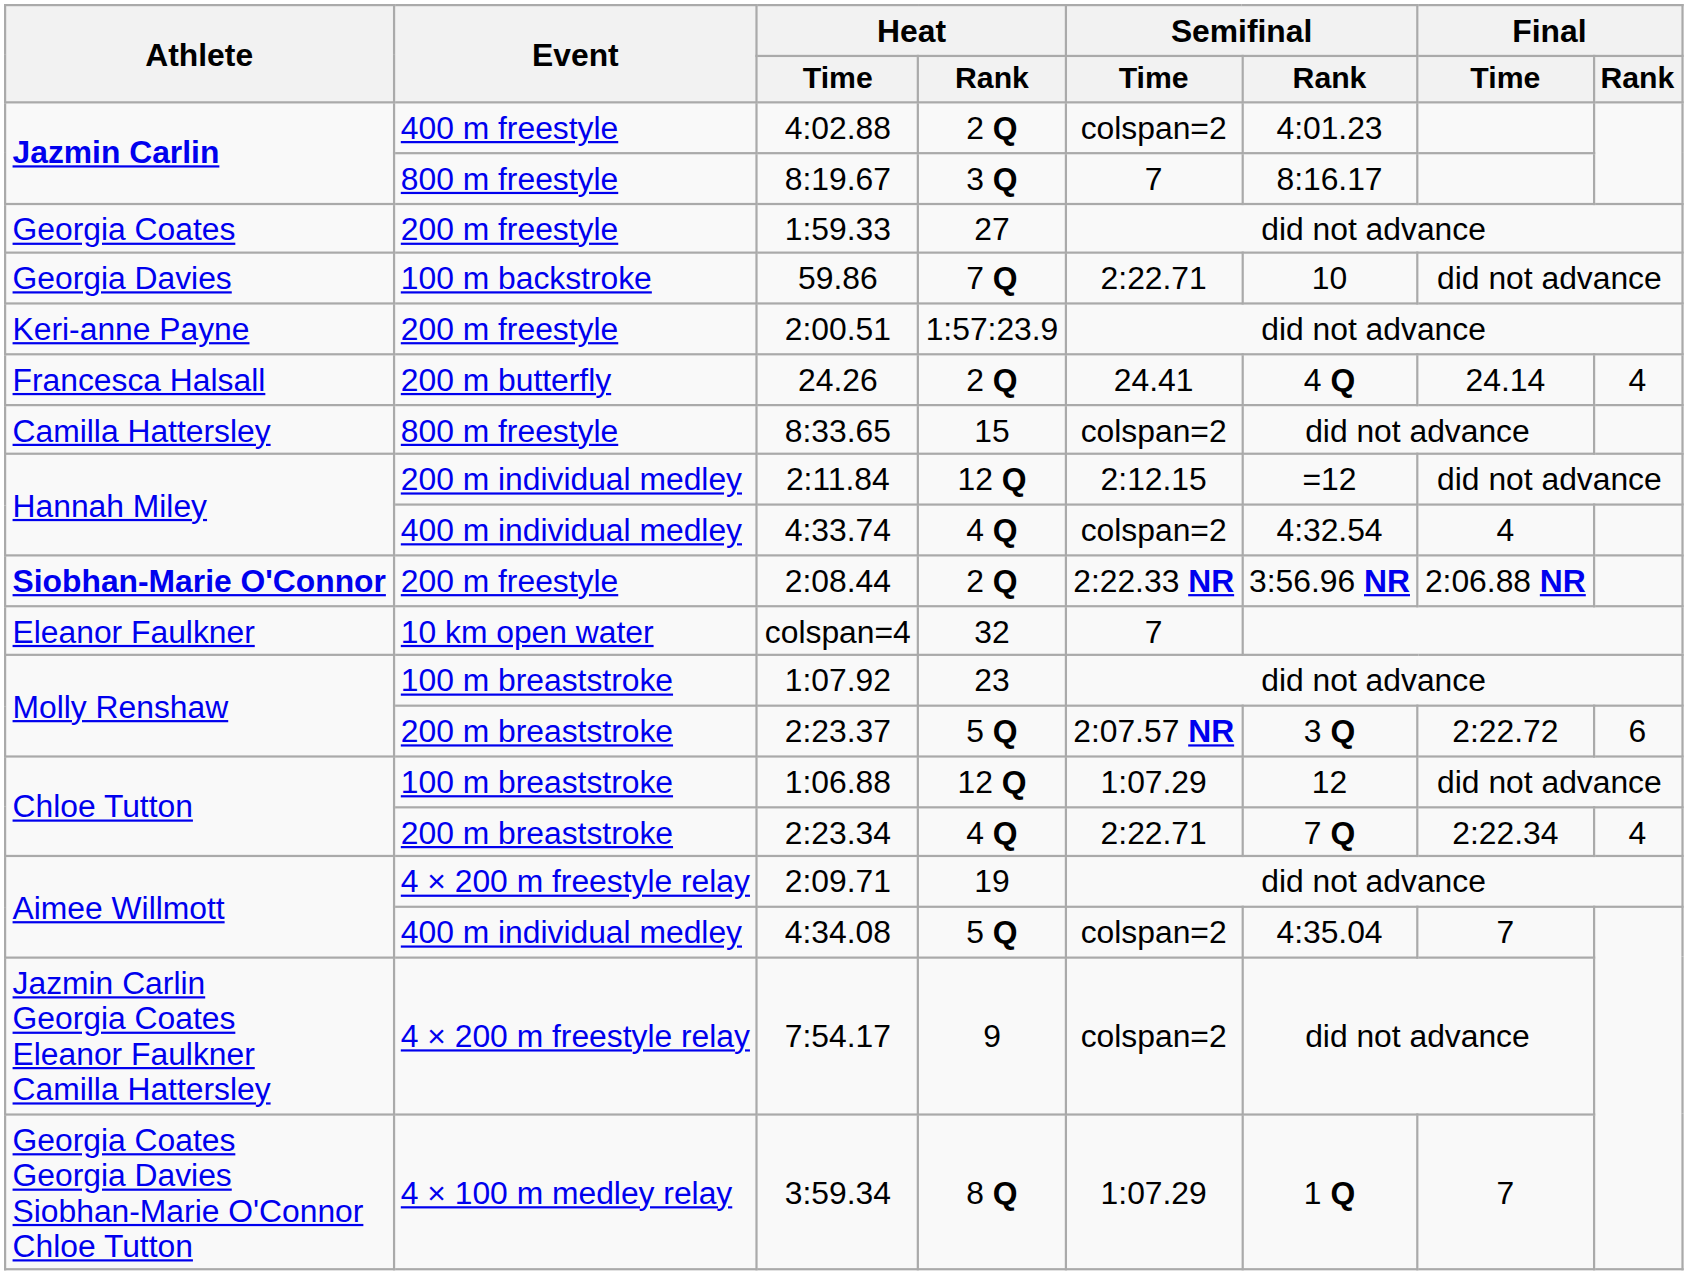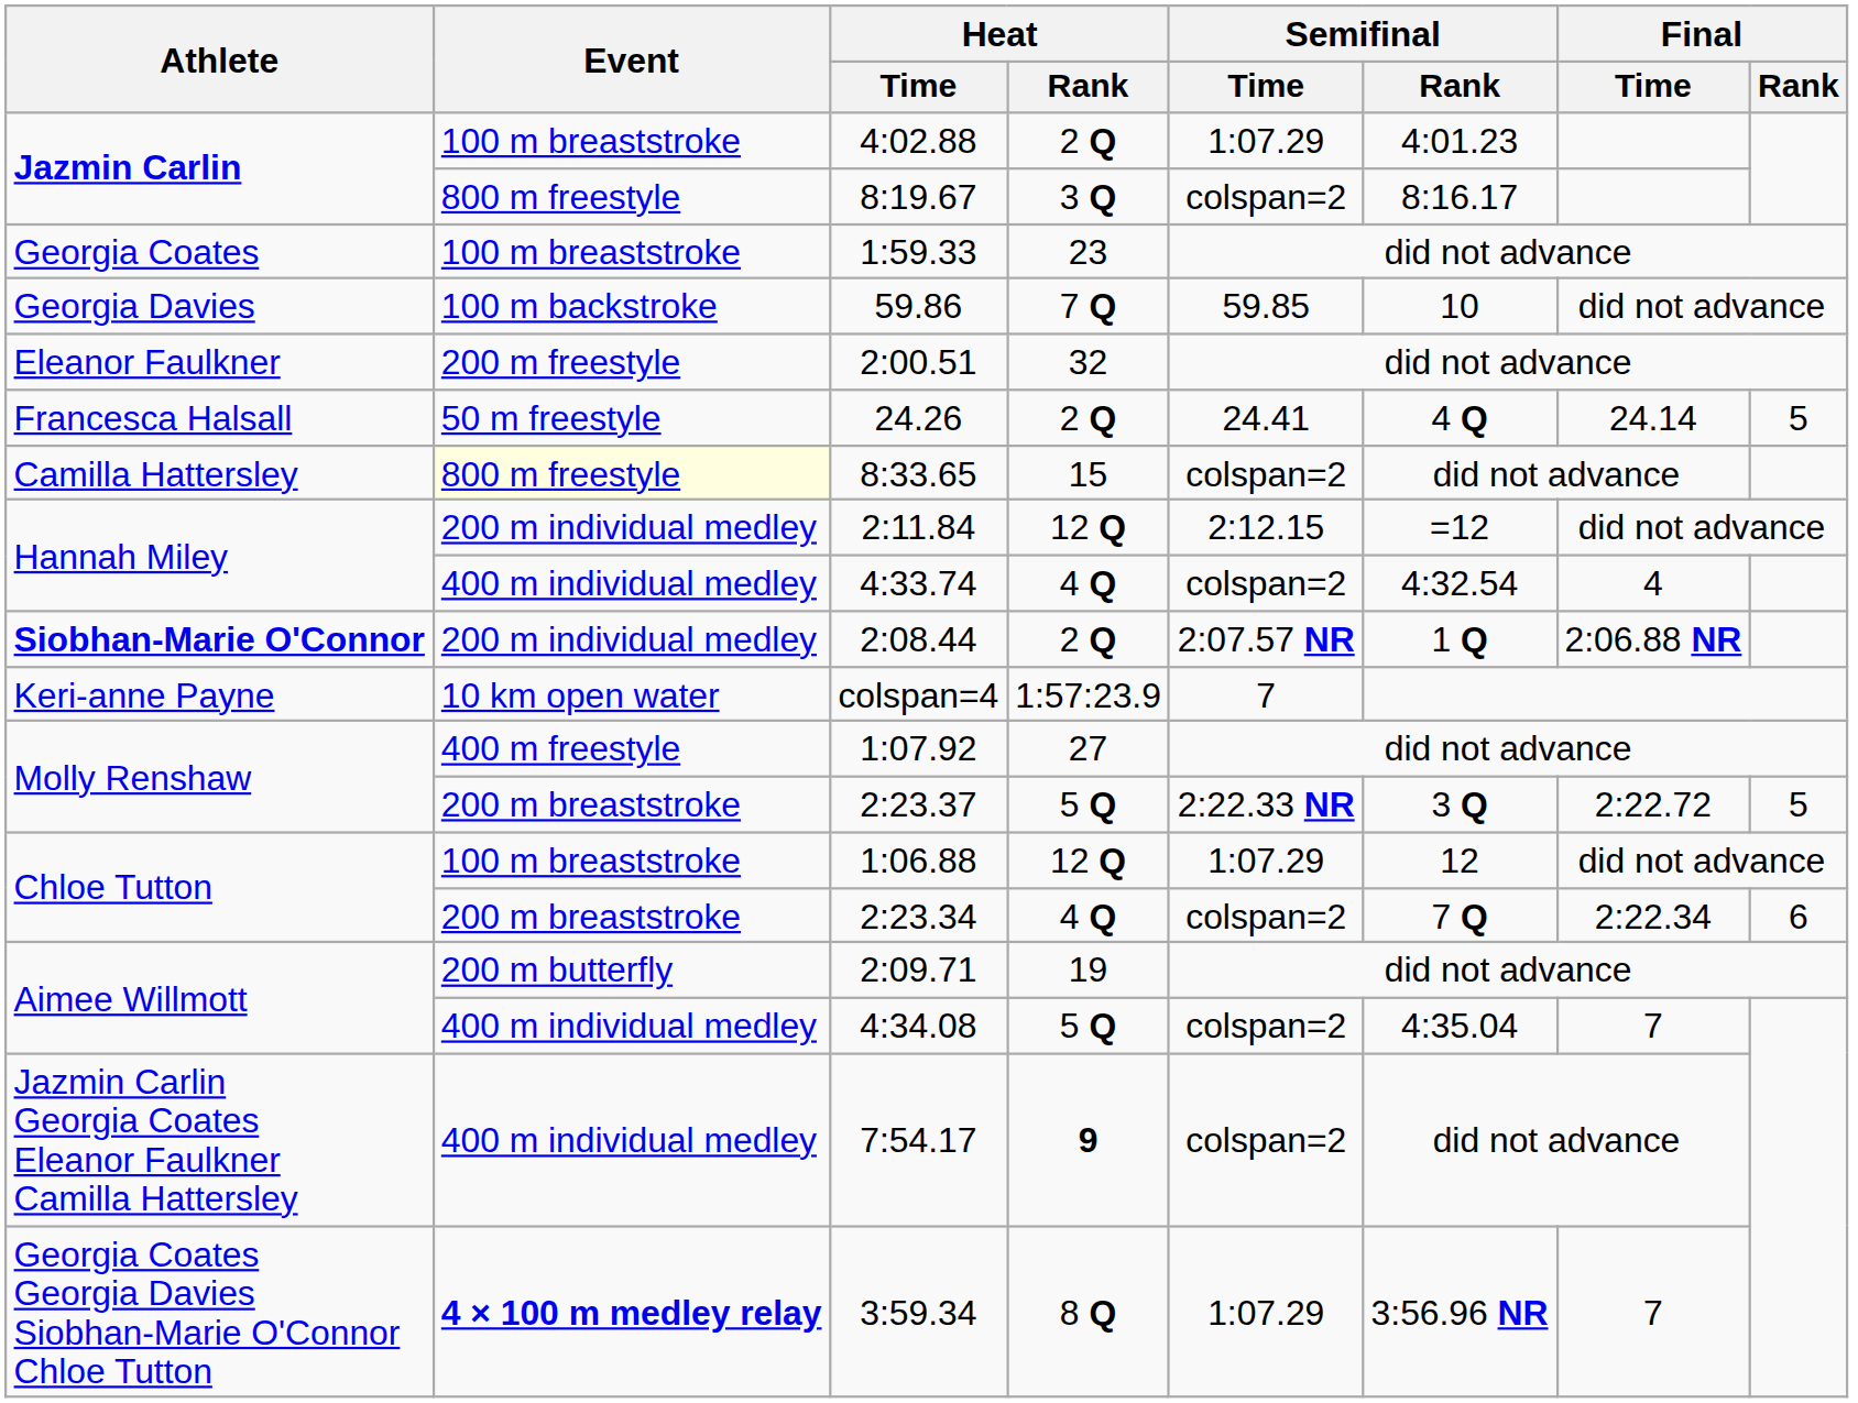 <table class=wikitable style="font-size:90%">
 <tr>
 <th rowspan="2">Athlete</th>
 <th rowspan="2">Event</th>
 <th colspan="2">Heat</th>
 <th colspan="2">Semifinal</th>
 <th colspan="2">Final</th>
 </tr>
 <tr style="font-size:95%">
 <th>Time</th>
 <th>Rank</th>
 <th>Time</th>
 <th>Rank</th>
 <th>Time</th>
 <th>Rank</th>
 </tr>
 <tr align=center>
 <td align=left rowspan=2><strong><a href='#'>Jazmin Carlin</a></strong></td>
-<td align=left><a href='#'>400 m freestyle</a></td>
+<td align=left><a href='#'>100 m breaststroke</a></td>
 <td>4:02.88</td>
 <td>2 <strong>Q</strong></td>
-<td>colspan=2 </td>
+<td>1:07.29</td>
 <td>4:01.23</td>
 <td></td>
 </tr>
 <tr align=center>
 <td align=left><a href='#'>800 m freestyle</a></td>
 <td>8:19.67</td>
 <td>3 <strong>Q</strong></td>
-<td>7</td>
+<td>colspan=2 </td>
 <td>8:16.17</td>
 <td></td>
 </tr>
 <tr align=center>
 <td align=left><a href='#'>Georgia Coates</a></td>
-<td align=left><a href='#'>200 m freestyle</a></td>
+<td align=left><a href='#'>100 m breaststroke</a></td>
 <td>1:59.33</td>
-<td>27</td>
+<td>23</td>
 <td colspan=6>did not advance</td>
 </tr>
 <tr align=center>
 <td align=left><a href='#'>Georgia Davies</a></td>
 <td align=left><a href='#'>100 m backstroke</a></td>
 <td>59.86</td>
 <td>7 <strong>Q</strong></td>
-<td>2:22.71</td>
+<td>59.85</td>
 <td>10</td>
 <td colspan=2>did not advance</td>
 </tr>
 <tr align=center>
-<td align=left><a href='#'>Keri-anne Payne</a></td>
+<td align=left><a href='#'>Eleanor Faulkner</a></td>
 <td align=left><a href='#'>200 m freestyle</a></td>
 <td>2:00.51</td>
-<td>1:57:23.9</td>
+<td>32</td>
 <td colspan=6>did not advance</td>
 </tr>
 <tr align=center>
 <td align=left><a href='#'>Francesca Halsall</a></td>
-<td align=left><a href='#'>200 m butterfly</a></td>
+<td align=left><a href='#'>50 m freestyle</a></td>
 <td>24.26</td>
 <td>2 <strong>Q</strong></td>
 <td>24.41</td>
 <td>4 <strong>Q</strong></td>
 <td>24.14</td>
-<td>4</td>
+<td>5</td>
 </tr>
 <tr align=center>
 <td align=left><a href='#'>Camilla Hattersley</a></td>
-<td align=left><a href='#'>800 m freestyle</a></td>
+<td align=left style="background: lightyellow;"><a href='#'>800 m freestyle</a></td>
 <td>8:33.65</td>
 <td>15</td>
 <td>colspan=2 </td>
 <td colspan=2>did not advance</td>
 </tr>
 <tr align=center>
 <td align=left rowspan="2"><a href='#'>Hannah Miley</a></td>
 <td align=left><a href='#'>200 m individual medley</a></td>
 <td>2:11.84</td>
 <td>12 <strong>Q</strong></td>
 <td>2:12.15</td>
 <td>=12</td>
 <td colspan=2>did not advance</td>
 </tr>
 <tr align=center>
 <td align=left><a href='#'>400 m individual medley</a></td>
 <td>4:33.74</td>
 <td>4 <strong>Q</strong></td>
 <td>colspan=2 </td>
 <td>4:32.54</td>
 <td>4</td>
 </tr>
 <tr align=center>
 <td align=left><strong><a href='#'>Siobhan-Marie O'Connor</a></strong></td>
-<td align=left><a href='#'>200 m freestyle</a></td>
+<td align=left><a href='#'>200 m individual medley</a></td>
 <td>2:08.44</td>
 <td>2 <strong>Q</strong></td>
-<td>2:22.33 <strong><a href='#'>NR</a></strong></td>
-<td>3:56.96 <strong><a href='#'>NR</a></strong></td>
+<td>2:07.57 <strong><a href='#'>NR</a></strong></td>
+<td>1 <strong>Q</strong></td>
 <td>2:06.88 <strong><a href='#'>NR</a></strong></td>
 <td></td>
 </tr>
 <tr align=center>
-<td align=left><a href='#'>Eleanor Faulkner</a></td>
+<td align=left><a href='#'>Keri-anne Payne</a></td>
 <td align=left><a href='#'>10 km open water</a></td>
 <td>colspan=4 </td>
-<td>32</td>
+<td>1:57:23.9</td>
 <td>7</td>
 </tr>
 <tr align=center>
 <td align=left rowspan="2"><a href='#'>Molly Renshaw</a></td>
-<td align=left><a href='#'>100 m breaststroke</a></td>
+<td align=left><a href='#'>400 m freestyle</a></td>
 <td>1:07.92</td>
-<td>23</td>
+<td>27</td>
 <td colspan=4>did not advance</td>
 </tr>
 <tr align=center>
 <td align=left><a href='#'>200 m breaststroke</a></td>
 <td>2:23.37</td>
 <td>5 <strong>Q</strong></td>
-<td>2:07.57 <strong><a href='#'>NR</a></strong></td>
+<td>2:22.33 <strong><a href='#'>NR</a></strong></td>
 <td>3 <strong>Q</strong></td>
 <td>2:22.72</td>
-<td>6</td>
+<td>5</td>
 </tr>
 <tr align=center>
 <td align=left rowspan=2><a href='#'>Chloe Tutton</a></td>
 <td align=left><a href='#'>100 m breaststroke</a></td>
 <td>1:06.88</td>
 <td>12 <strong>Q</strong></td>
 <td>1:07.29</td>
 <td>12</td>
 <td colspan=2>did not advance</td>
 </tr>
 <tr align=center>
 <td align=left><a href='#'>200 m breaststroke</a></td>
 <td>2:23.34</td>
 <td>4 <strong>Q</strong></td>
-<td>2:22.71</td>
+<td>colspan=2 </td>
 <td>7 <strong>Q</strong></td>
 <td>2:22.34</td>
-<td>4</td>
+<td>6</td>
 </tr>
 <tr align=center>
 <td align=left rowspan=2><a href='#'>Aimee Willmott</a></td>
-<td align=left><a href='#'>4 × 200 m freestyle relay</a></td>
+<td align=left><a href='#'>200 m butterfly</a></td>
 <td>2:09.71</td>
 <td>19</td>
 <td colspan=4>did not advance</td>
 </tr>
 <tr align=center>
 <td align=left><a href='#'>400 m individual medley</a></td>
 <td>4:34.08</td>
 <td>5 <strong>Q</strong></td>
 <td>colspan=2 </td>
 <td>4:35.04</td>
 <td>7</td>
 </tr>
 <tr align=center>
 <td align=left><a href='#'>Jazmin Carlin</a><br><a href='#'>Georgia Coates</a><br><a href='#'>Eleanor Faulkner</a><br><a href='#'>Camilla Hattersley</a></td>
-<td align=left><a href='#'>4 × 200 m freestyle relay</a></td>
+<td align=left><a href='#'>400 m individual medley</a></td>
 <td>7:54.17</td>
-<td>9</td>
+<td><strong>9</strong></td>
 <td>colspan=2 </td>
 <td colspan=2>did not advance</td>
 </tr>
 <tr align=center>
 <td align=left><a href='#'>Georgia Coates</a><br><a href='#'>Georgia Davies</a><br><a href='#'>Siobhan-Marie O'Connor</a><br><a href='#'>Chloe Tutton</a></td>
-<td align=left><a href='#'>4 × 100 m medley relay</a></td>
+<td align=left><strong><a href='#'>4 × 100 m medley relay</a></strong></td>
 <td>3:59.34</td>
 <td>8 <strong>Q</strong></td>
 <td>1:07.29</td>
-<td>1 <strong>Q</strong></td>
+<td>3:56.96 <strong><a href='#'>NR</a></strong></td>
 <td>7</td>
 </tr>
 </table>
